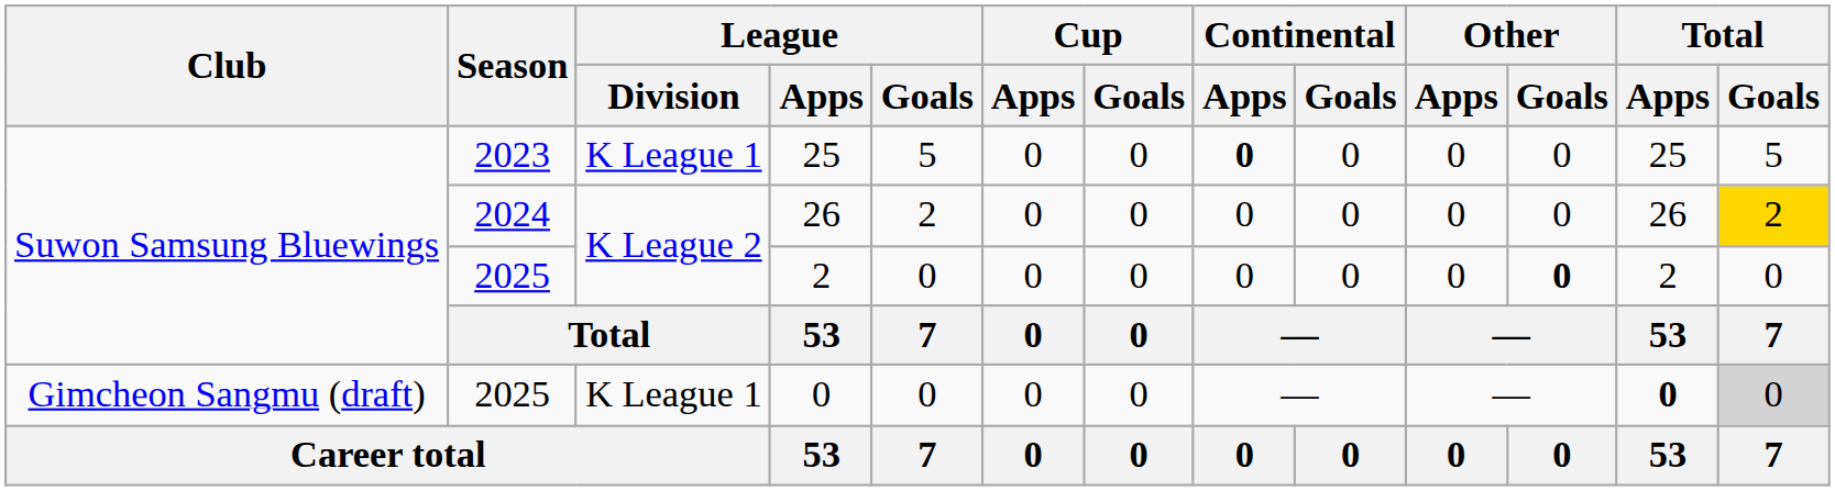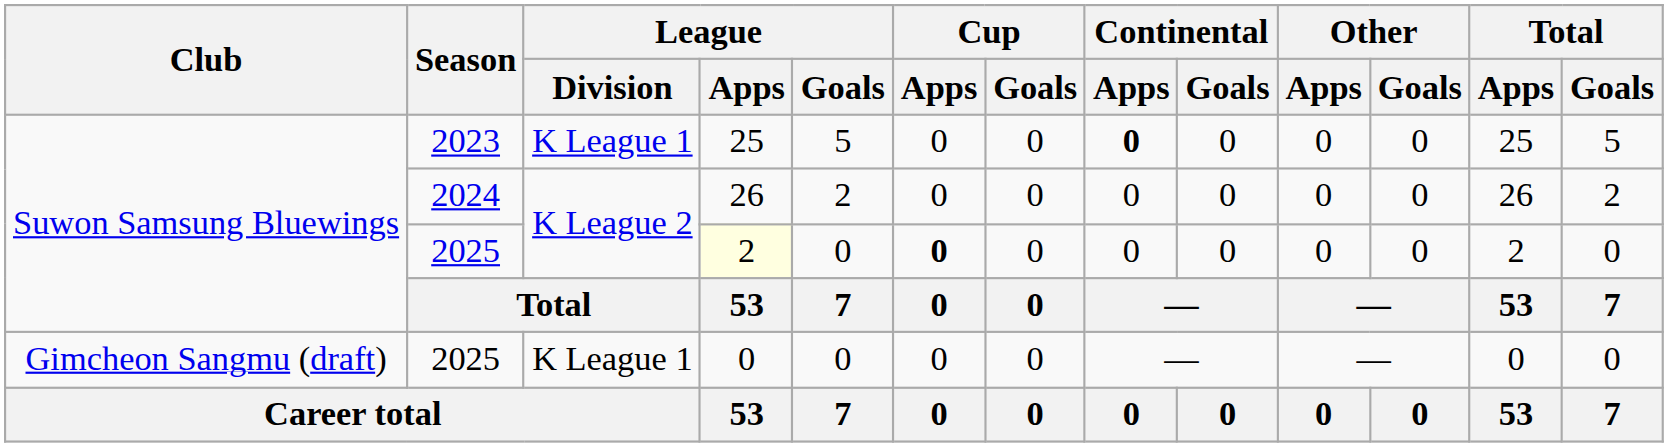 <table class="wikitable" style="text-align: center">
 <tr>
 <th rowspan="2">Club</th>
 <th rowspan="2">Season</th>
 <th colspan="3">League</th>
 <th colspan="2">Cup</th>
 <th colspan="2">Continental</th>
 <th colspan="2">Other</th>
 <th colspan="2">Total</th>
 </tr>
 <tr>
 <th>Division</th>
 <th>Apps</th>
 <th>Goals</th>
 <th>Apps</th>
 <th>Goals</th>
 <th>Apps</th>
 <th>Goals</th>
 <th>Apps</th>
 <th>Goals</th>
 <th>Apps</th>
 <th>Goals</th>
 </tr>
 <tr>
 <td rowspan="4"><a href='#'>Suwon Samsung Bluewings</a></td>
 <td><a href='#'>2023</a></td>
 <td><a href='#'>K League 1</a></td>
 <td>25</td>
 <td>5</td>
 <td>0</td>
 <td>0</td>
 <td><strong>0</strong></td>
 <td>0</td>
 <td>0</td>
 <td>0</td>
 <td>25</td>
 <td>5</td>
 </tr>
 <tr>
 <td><a href='#'>2024</a></td>
 <td rowspan="2"><a href='#'>K League 2</a></td>
 <td>26</td>
 <td>2</td>
 <td>0</td>
 <td>0</td>
 <td>0</td>
 <td>0</td>
 <td>0</td>
 <td>0</td>
 <td>26</td>
-<td style="background: gold;">2</td>
+<td>2</td>
 </tr>
 <tr>
 <td><a href='#'>2025</a></td>
-<td>2</td>
+<td style="background: lightyellow;">2</td>
+<td>0</td>
+<td><strong>0</strong></td>
 <td>0</td>
 <td>0</td>
 <td>0</td>
 <td>0</td>
 <td>0</td>
-<td>0</td>
-<td><strong>0</strong></td>
 <td>2</td>
 <td>0</td>
 </tr>
 <tr>
 <th colspan="2">Total</th>
 <th>53</th>
 <th>7</th>
 <th>0</th>
 <th>0</th>
 <th colspan="2">—</th>
 <th colspan="2">—</th>
 <th>53</th>
 <th>7</th>
 </tr>
 <tr>
 <td><a href='#'>Gimcheon Sangmu</a> (<a href='#'>draft</a>)</td>
 <td>2025</td>
 <td>K League 1</td>
 <td>0</td>
 <td>0</td>
 <td>0</td>
 <td>0</td>
 <td colspan="2">—</td>
 <td colspan="2">—</td>
-<td><strong>0</strong></td>
-<td style="background: lightgrey;">0</td>
+<td>0</td>
+<td>0</td>
 </tr>
 <tr>
 <th colspan="3">Career total</th>
 <th>53</th>
 <th>7</th>
 <th>0</th>
 <th>0</th>
 <th>0</th>
 <th>0</th>
 <th>0</th>
 <th>0</th>
 <th>53</th>
 <th>7</th>
 </tr>
 </table>
